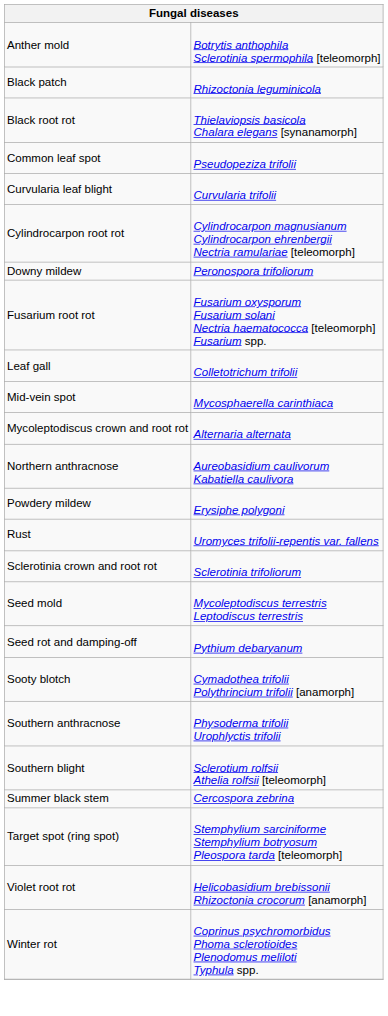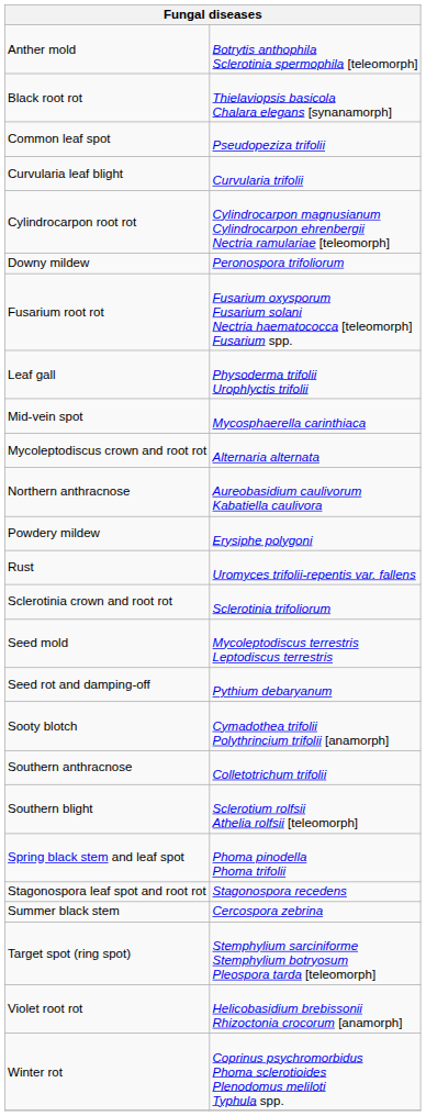 <table class="wikitable" style="clear">
 <tr>
 <th colspan=2><strong>Fungal diseases</strong><br></th>
 </tr>
 <tr>
 <td>Anther mold</td>
 <td><br><em><a href='#'>Botrytis anthophila</a></em><br> <em><a href='#'>Sclerotinia spermophila</a></em> [teleomorph]</td>
-</tr>
-<tr>
-<td>Black patch</td>
-<td><br><em><a href='#'>Rhizoctonia leguminicola</a></em></td>
 </tr>
 <tr>
 <td>Black root rot</td>
 <td><br><em><a href='#'>Thielaviopsis basicola</a></em><br> <em><a href='#'>Chalara elegans</a></em> [synanamorph]</td>
 </tr>
 <tr>
 <td>Common leaf spot</td>
 <td><br><em><a href='#'>Pseudopeziza trifolii</a></em></td>
 </tr>
 <tr>
 <td>Curvularia leaf blight</td>
 <td><br><em><a href='#'>Curvularia trifolii</a></em></td>
 </tr>
 <tr>
 <td>Cylindrocarpon root rot</td>
 <td><br><em><a href='#'>Cylindrocarpon magnusianum</a></em> <br>  <em><a href='#'>Cylindrocarpon ehrenbergii</a></em><br> <em><a href='#'>Nectria ramulariae</a></em> [teleomorph]</td>
 </tr>
 <tr>
 <td>Downy mildew</td>
 <td><em><a href='#'>Peronospora trifoliorum</a></em></td>
 </tr>
 <tr>
 <td>Fusarium root rot</td>
 <td><br><em><a href='#'>Fusarium oxysporum</a></em><br> <em><a href='#'>Fusarium solani</a></em><br> <em><a href='#'>Nectria haematococca</a></em> [teleomorph]<br> <em><a href='#'>Fusarium</a></em> spp.</td>
 </tr>
 <tr>
 <td>Leaf gall</td>
-<td><br><em><a href='#'>Colletotrichum trifolii</a></em></td>
+<td><br><em><a href='#'>Physoderma trifolii</a></em> <br>  <em><a href='#'>Urophlyctis trifolii</a></em></td>
 </tr>
 <tr>
 <td>Mid-vein spot</td>
 <td><br><em><a href='#'>Mycosphaerella carinthiaca</a></em></td>
 </tr>
 <tr>
 <td>Mycoleptodiscus crown and root rot</td>
 <td><br><em><a href='#'>Alternaria alternata</a></em></td>
 </tr>
 <tr>
 <td>Northern anthracnose</td>
 <td><br><em><a href='#'>Aureobasidium caulivorum</a></em> <br>  <em><a href='#'>Kabatiella caulivora</a></em></td>
 </tr>
 <tr>
 <td>Powdery mildew</td>
 <td><br><em><a href='#'>Erysiphe polygoni</a></em></td>
 </tr>
 <tr>
 <td>Rust</td>
 <td><br><em><a href='#'>Uromyces trifolii-repentis var. fallens</a></em></td>
 </tr>
 <tr>
 <td>Sclerotinia crown and root rot</td>
 <td><br><em><a href='#'>Sclerotinia trifoliorum</a></em></td>
 </tr>
 <tr>
 <td>Seed mold</td>
 <td><br><em><a href='#'>Mycoleptodiscus terrestris</a></em> <br>  <em><a href='#'>Leptodiscus terrestris</a></em></td>
 </tr>
 <tr>
 <td>Seed rot and damping-off</td>
 <td><br><em><a href='#'>Pythium debaryanum</a></em></td>
 </tr>
 <tr>
 <td>Sooty blotch</td>
 <td><br><em><a href='#'>Cymadothea trifolii</a></em><br> <em><a href='#'>Polythrincium trifolii</a></em> [anamorph]</td>
 </tr>
 <tr>
 <td>Southern anthracnose</td>
-<td><br><em><a href='#'>Physoderma trifolii</a></em> <br>  <em><a href='#'>Urophlyctis trifolii</a></em></td>
+<td><br><em><a href='#'>Colletotrichum trifolii</a></em></td>
 </tr>
 <tr>
 <td>Southern blight</td>
 <td><br><em><a href='#'>Sclerotium rolfsii</a></em><br> <em><a href='#'>Athelia rolfsii</a></em> [teleomorph]</td>
+</tr>
+<tr>
+<td><a href='#'>Spring black stem</a> and leaf spot</td>
+<td><br><em><a href='#'>Phoma pinodella</a></em> <br>  <em><a href='#'>Phoma trifolii</a></em></td>
+</tr>
+<tr>
+<td>Stagonospora leaf spot and root rot</td>
+<td><em><a href='#'>Stagonospora recedens</a></em></td>
 </tr>
 <tr>
 <td>Summer black stem</td>
 <td><em><a href='#'>Cercospora zebrina</a></em></td>
 </tr>
 <tr>
 <td>Target spot (ring spot)</td>
 <td><br><em><a href='#'>Stemphylium sarciniforme</a></em><br> <em><a href='#'>Stemphylium botryosum</a></em><br> <em><a href='#'>Pleospora tarda</a></em> [teleomorph]</td>
 </tr>
 <tr>
 <td>Violet root rot</td>
 <td><br><em><a href='#'>Helicobasidium brebissonii</a></em><br> <em><a href='#'>Rhizoctonia crocorum</a></em> [anamorph]</td>
 </tr>
 <tr>
 <td>Winter rot</td>
 <td><br><em><a href='#'>Coprinus psychromorbidus</a></em><br> <em><a href='#'>Phoma sclerotioides</a></em> <br>  <em><a href='#'>Plenodomus meliloti</a></em><br> <em><a href='#'>Typhula</a></em> spp.</td>
 </tr>
 <tr>
 </tr>
 </table>
